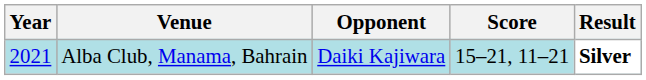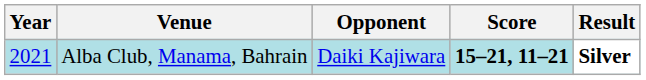 <table class="sortable wikitable" style="font-size: 90%;">
 <tr>
 <th>Year</th>
 <th>Venue</th>
 <th>Opponent</th>
 <th>Score</th>
 <th>Result</th>
 </tr>
 <tr style="background:#B0E0E6">
 <td align="center" rowspan=3><a href='#'>2021</a></td>
 <td align="left" rowspan=3>Alba Club, <a href='#'>Manama</a>, Bahrain</td>
 <td align="left"> <a href='#'>Daiki Kajiwara</a></td>
-<td align="left">15–21, 11–21</td>
+<td align="left"><strong>15–21, 11–21</strong></td>
 <td style="text-align:left; background:white" rowspan=3> <strong>Silver</strong></td>
 </tr>
 </table>
